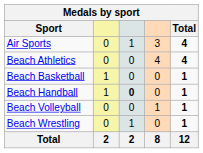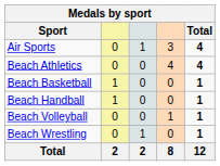 <table class="wikitable" style="font-size:90%; text-align:center;">
 <tr>
 <th colspan=5>Medals by sport</th>
 </tr>
 <tr>
 <th width=120>Sport</th>
 <th scope="col" width=30 style="background:#F7F6A8;"></th>
 <th scope="col" width=30 style="background:#DCE5E5;"></th>
 <th scope="col" width=30 style="background:#FFDAB9;"></th>
 <th width=30>Total</th>
 </tr>
 <tr>
 <td align=left> <a href='#'>Air Sports</a></td>
 <td style="background:#F7F6A8;">0</td>
 <td style="background:#DCE5E5;">1</td>
 <td style="background:#FFDAB9;">3</td>
 <td><strong>4</strong></td>
 </tr>
 <tr>
 <td align=left> <a href='#'>Beach Athletics</a></td>
 <td style="background:#F7F6A8;">0</td>
 <td style="background:#DCE5E5;">0</td>
 <td style="background:#FFDAB9;">4</td>
 <td><strong>4</strong></td>
 </tr>
 <tr>
 <td align=left> <a href='#'>Beach Basketball</a></td>
 <td style="background:#F7F6A8;">1</td>
 <td style="background:#DCE5E5;">0</td>
 <td style="background:#FFDAB9;">0</td>
 <td><strong>1</strong></td>
 </tr>
 <tr>
 <td align=left> <a href='#'>Beach Handball</a></td>
 <td style="background:#F7F6A8;">1</td>
-<td style="background:#DCE5E5;"><strong>0</strong></td>
+<td style="background:#DCE5E5;">0</td>
 <td style="background:#FFDAB9;">0</td>
 <td><strong>1</strong></td>
 </tr>
 <tr>
 <td align=left> <a href='#'>Beach Volleyball</a></td>
 <td style="background:#F7F6A8;">0</td>
 <td style="background:#DCE5E5;">0</td>
 <td style="background:#FFDAB9;">1</td>
 <td><strong>1</strong></td>
 </tr>
 <tr>
 <td align=left> <a href='#'>Beach Wrestling</a></td>
 <td style="background:#F7F6A8;">0</td>
 <td style="background:#DCE5E5;">1</td>
 <td style="background:#FFDAB9;">0</td>
 <td><strong>1</strong></td>
 </tr>
 <tr class="sortbottom">
 <th>Total</th>
 <th>2</th>
 <th>2</th>
 <th>8</th>
 <th>12</th>
 </tr>
 </table>
